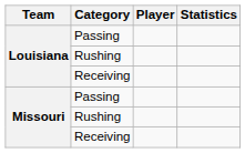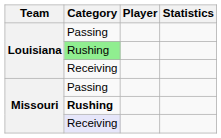 <table class="wikitable" style="float:right">
 <tr>
 <th>Team</th>
 <th>Category</th>
 <th>Player</th>
 <th>Statistics</th>
 </tr>
 <tr>
 <th rowspan=3>Louisiana</th>
 <td>Passing</td>
 <td></td>
 <td></td>
 </tr>
 <tr>
-<td>Rushing</td>
+<td style="background: lightgreen;">Rushing</td>
 <td></td>
 <td></td>
 </tr>
 <tr>
 <td>Receiving</td>
 <td></td>
 <td></td>
 </tr>
 <tr>
 <th rowspan=3>Missouri</th>
 <td>Passing</td>
 <td></td>
 <td></td>
 </tr>
 <tr>
-<td>Rushing</td>
+<td><strong>Rushing</strong></td>
 <td></td>
 <td></td>
 </tr>
 <tr>
-<td>Receiving</td>
+<td style="background: lavender;">Receiving</td>
 <td></td>
 <td></td>
 </tr>
 </table>
